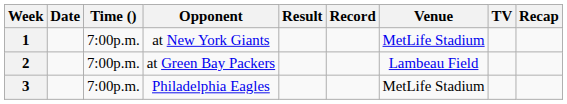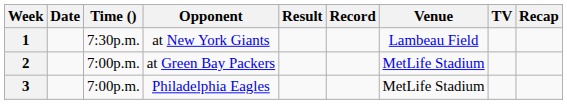 <table class="wikitable" style="text-align:center">
 <tr>
 <th>Week</th>
 <th>Date</th>
 <th>Time (<a href='#'></a>)</th>
 <th>Opponent</th>
 <th>Result</th>
 <th>Record</th>
 <th>Venue</th>
 <th>TV</th>
 <th>Recap</th>
 </tr>
 <tr>
 <th>1</th>
 <td></td>
-<td>7:00p.m.</td>
+<td>7:30p.m.</td>
 <td>at <a href='#'>New York Giants</a></td>
 <td></td>
 <td></td>
-<td><a href='#'>MetLife Stadium</a></td>
+<td><a href='#'>Lambeau Field</a></td>
 <td></td>
 <td></td>
 </tr>
 <tr>
 <th>2</th>
 <td></td>
 <td>7:00p.m.</td>
 <td>at <a href='#'>Green Bay Packers</a></td>
 <td></td>
 <td></td>
-<td><a href='#'>Lambeau Field</a></td>
+<td><a href='#'>MetLife Stadium</a></td>
 <td></td>
 <td></td>
 </tr>
 <tr>
 <th>3</th>
 <td></td>
 <td>7:00p.m.</td>
 <td><a href='#'>Philadelphia Eagles</a></td>
 <td></td>
 <td></td>
 <td>MetLife Stadium</td>
 <td></td>
 <td></td>
 </tr>
 </table>
